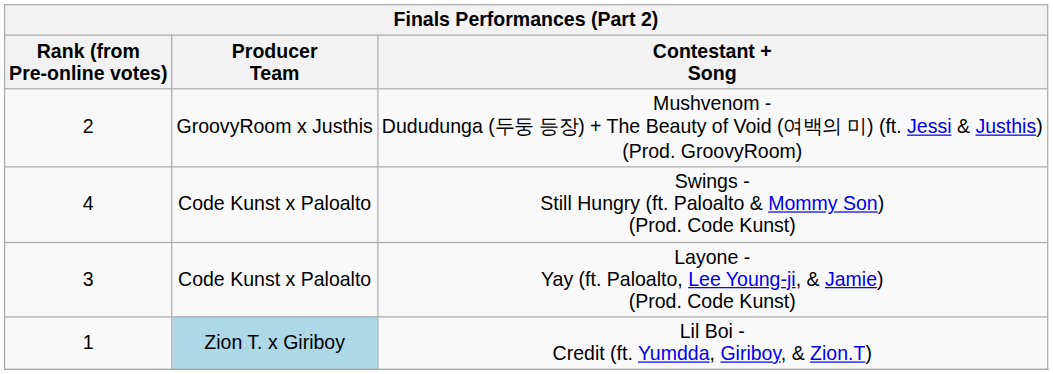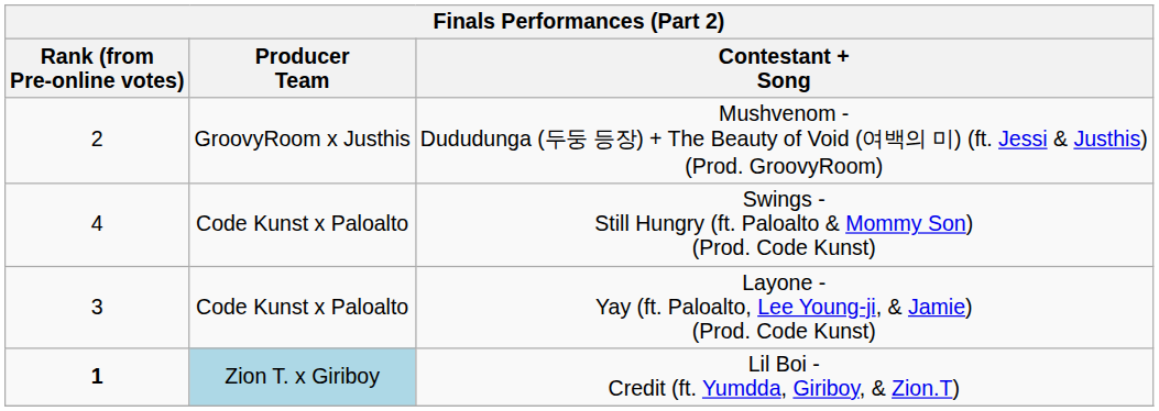 <table class="wikitable" style="text-align:center" border="2">
 <tr>
 <th colspan="4">Finals Performances (Part 2)</th>
 </tr>
 <tr>
 <th>Rank (from <br>Pre-online votes)</th>
 <th>Producer <br> Team</th>
 <th>Contestant + <br> Song</th>
 </tr>
 <tr>
 <td>2</td>
 <td>GroovyRoom x Justhis</td>
 <td>Mushvenom -<br>Dududunga (두둥 등장) + The Beauty of Void (여백의 미) (ft. <a href='#'>Jessi</a> & <a href='#'>Justhis</a>)<br>(Prod. GroovyRoom)</td>
 </tr>
 <tr>
 <td>4</td>
 <td>Code Kunst x Paloalto</td>
 <td>Swings -<br>Still Hungry (ft. Paloalto & <a href='#'>Mommy Son</a>)<br>(Prod. Code Kunst)</td>
 </tr>
 <tr>
 <td>3</td>
 <td>Code Kunst x Paloalto</td>
 <td>Layone - <br>Yay (ft. Paloalto, <a href='#'>Lee Young-ji</a>, & <a href='#'>Jamie</a>)<br>(Prod. Code Kunst)</td>
 </tr>
 <tr>
-<td>1</td>
+<td><strong>1</strong></td>
 <td style="background: lightblue;">Zion T. x Giriboy</td>
 <td>Lil Boi -<br>Credit (ft. <a href='#'>Yumdda</a>, <a href='#'>Giriboy</a>, & <a href='#'>Zion.T</a>)</td>
 </tr>
 <tr>
 </tr>
 </table>
